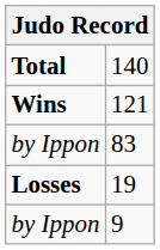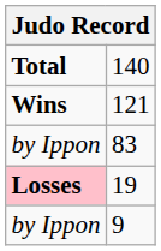 <table class="wikitable">
 <tr>
 <th colspan="2">Judo Record</th>
 </tr>
 <tr>
 <td><strong>Total</strong></td>
 <td>140</td>
 </tr>
 <tr>
 <td><strong>Wins</strong></td>
 <td>121</td>
 </tr>
 <tr>
 <td><em>by Ippon</em></td>
 <td>83</td>
 </tr>
 <tr>
-<td><strong>Losses</strong></td>
+<td style="background: pink;"><strong>Losses</strong></td>
 <td>19</td>
 </tr>
 <tr>
 <td><em>by Ippon</em></td>
 <td>9</td>
 </tr>
 </table>
